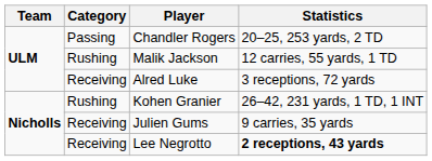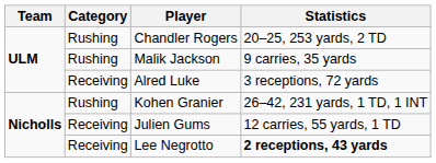 <table class="wikitable" style="float: right;">
 <tr>
 <th>Team</th>
 <th>Category</th>
 <th>Player</th>
 <th>Statistics</th>
 </tr>
 <tr>
 <td rowspan=3><strong>ULM</strong></td>
-<td>Passing</td>
+<td>Rushing</td>
 <td>Chandler Rogers</td>
 <td>20–25, 253 yards, 2 TD</td>
 </tr>
 <tr>
 <td>Rushing</td>
 <td>Malik Jackson</td>
-<td>12 carries, 55 yards, 1 TD</td>
+<td>9 carries, 35 yards</td>
 </tr>
 <tr>
 <td>Receiving</td>
 <td>Alred Luke</td>
 <td>3 receptions, 72 yards</td>
 </tr>
 <tr>
 <td rowspan=3><strong>Nicholls</strong></td>
 <td>Rushing</td>
 <td>Kohen Granier</td>
 <td>26–42, 231 yards, 1 TD, 1 INT</td>
 </tr>
 <tr>
 <td>Receiving</td>
 <td>Julien Gums</td>
-<td>9 carries, 35 yards</td>
+<td>12 carries, 55 yards, 1 TD</td>
 </tr>
 <tr>
 <td>Receiving</td>
 <td>Lee Negrotto</td>
 <td><strong>2 receptions, 43 yards</strong></td>
 </tr>
 </table>
